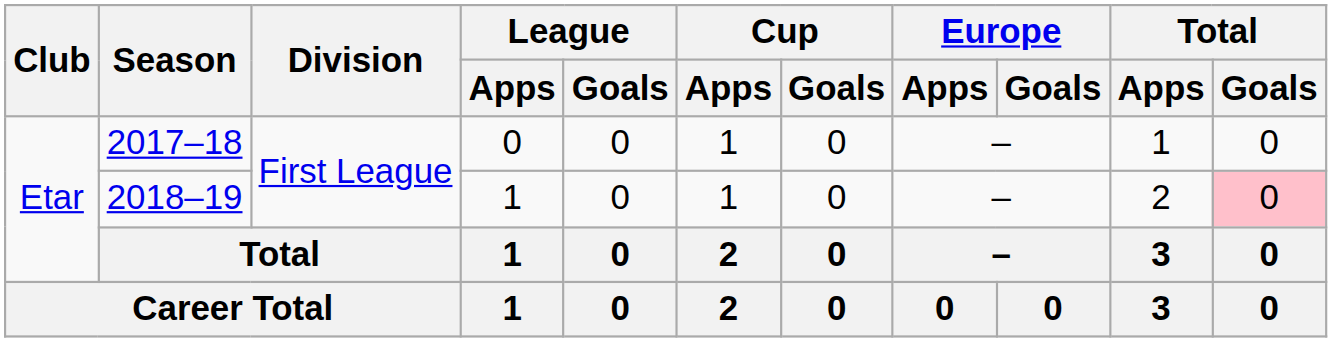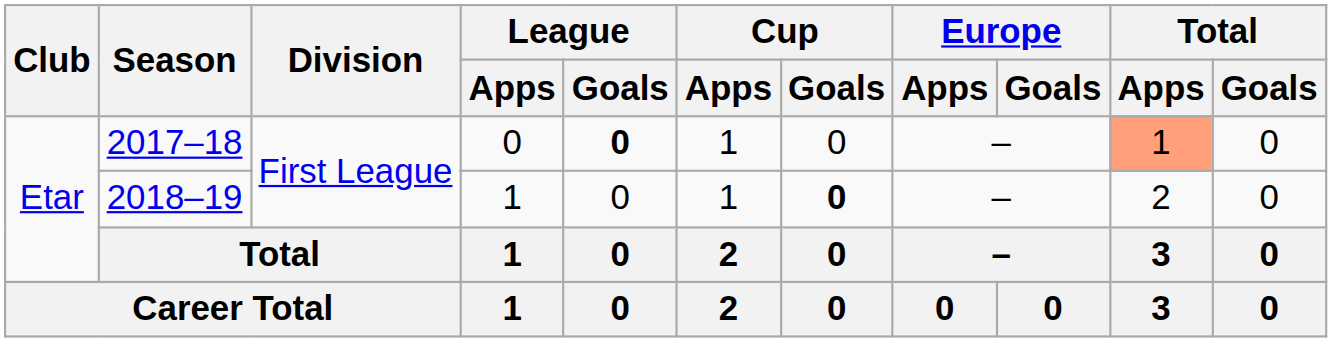 <table class="wikitable" style="font-size:100%; text-align: center">
 <tr>
 <th rowspan=2>Club</th>
 <th rowspan=2>Season</th>
 <th rowspan="2">Division</th>
 <th colspan=2>League</th>
 <th colspan=2>Cup</th>
 <th colspan=2><a href='#'>Europe</a></th>
 <th colspan=2>Total</th>
 </tr>
 <tr>
 <th>Apps</th>
 <th>Goals</th>
 <th>Apps</th>
 <th>Goals</th>
 <th>Apps</th>
 <th>Goals</th>
 <th>Apps</th>
 <th>Goals</th>
 </tr>
 <tr>
 <td rowspan=3><a href='#'>Etar</a></td>
 <td><a href='#'>2017–18</a></td>
 <td rowspan="2"><a href='#'>First League</a></td>
 <td>0</td>
-<td>0</td>
+<td><strong>0</strong></td>
 <td>1</td>
 <td>0</td>
 <td colspan="2">–</td>
-<td>1</td>
+<td style="background: lightsalmon;">1</td>
 <td>0</td>
 </tr>
 <tr>
 <td><a href='#'>2018–19</a></td>
 <td>1</td>
 <td>0</td>
 <td>1</td>
-<td>0</td>
+<td><strong>0</strong></td>
 <td colspan="2">–</td>
 <td>2</td>
-<td style="background: pink;">0</td>
+<td>0</td>
 </tr>
 <tr>
 <th colspan=2>Total</th>
 <th>1</th>
 <th>0</th>
 <th>2</th>
 <th>0</th>
 <th colspan="2">–</th>
 <th>3</th>
 <th>0</th>
 </tr>
 <tr>
 <th colspan=3>Career Total</th>
 <th>1</th>
 <th>0</th>
 <th>2</th>
 <th>0</th>
 <th>0</th>
 <th>0</th>
 <th>3</th>
 <th>0</th>
 </tr>
 </table>
